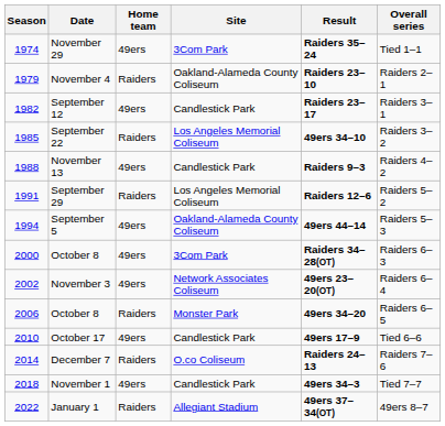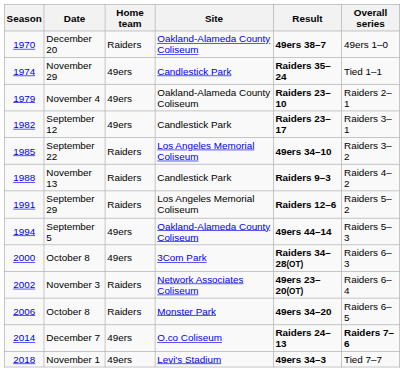 <table class="wikitable" style="font-size: 95%;">
 <tr>
 <th>Season</th>
 <th>Date</th>
 <th>Home team</th>
 <th>Site</th>
 <th>Result</th>
 <th>Overall series</th>
 </tr>
 <tr>
+<td align="center"><a href='#'>1970</a></td>
+<td>December 20</td>
+<td>Raiders</td>
+<td><a href='#'>Oakland-Alameda County Coliseum</a></td>
+<td><strong>49ers 38–7</strong></td>
+<td>49ers 1–0</td>
+</tr>
+<tr>
 <td align="center"><a href='#'>1974</a></td>
 <td>November 29</td>
 <td>49ers</td>
-<td><a href='#'>3Com Park</a></td>
+<td><a href='#'>Candlestick Park</a></td>
 <td><strong>Raiders 35–24</strong></td>
 <td>Tied 1–1</td>
 </tr>
 <tr>
 <td align="center"><a href='#'>1979</a></td>
 <td>November 4</td>
-<td>Raiders</td>
+<td>49ers</td>
 <td>Oakland-Alameda County Coliseum</td>
 <td><strong>Raiders 23–10</strong></td>
 <td>Raiders 2–1</td>
 </tr>
 <tr>
 <td align="center"><a href='#'>1982</a></td>
 <td>September 12</td>
 <td>49ers</td>
 <td>Candlestick Park</td>
 <td><strong>Raiders 23–17</strong></td>
 <td>Raiders 3–1</td>
 </tr>
 <tr>
 <td align="center"><a href='#'>1985</a></td>
 <td>September 22</td>
 <td>Raiders</td>
 <td><a href='#'>Los Angeles Memorial Coliseum</a></td>
 <td><strong>49ers 34–10</strong></td>
 <td>Raiders 3–2</td>
 </tr>
 <tr>
 <td align="center"><a href='#'>1988</a></td>
 <td>November 13</td>
-<td>49ers</td>
+<td>Raiders</td>
 <td>Candlestick Park</td>
 <td><strong>Raiders 9–3</strong></td>
 <td>Raiders 4–2</td>
 </tr>
 <tr>
 <td align="center"><a href='#'>1991</a></td>
 <td>September 29</td>
 <td>Raiders</td>
 <td>Los Angeles Memorial Coliseum</td>
 <td><strong>Raiders 12–6</strong></td>
 <td>Raiders 5–2</td>
 </tr>
 <tr>
 <td align="center"><a href='#'>1994</a></td>
 <td>September 5</td>
 <td>49ers</td>
 <td><a href='#'>Oakland-Alameda County Coliseum</a></td>
 <td><strong>49ers 44–14</strong></td>
 <td>Raiders 5–3</td>
 </tr>
 <tr>
 <td align="center"><a href='#'>2000</a></td>
 <td>October 8</td>
 <td>49ers</td>
 <td><a href='#'>3Com Park</a></td>
 <td><strong>Raiders 34–28<small>(OT)</small></strong></td>
 <td>Raiders 6–3</td>
 </tr>
 <tr>
 <td align="center"><a href='#'>2002</a></td>
 <td>November 3</td>
-<td>49ers</td>
+<td>Raiders</td>
 <td><a href='#'>Network Associates Coliseum</a></td>
 <td><strong>49ers 23–20<small>(OT)</small></strong></td>
 <td>Raiders 6–4</td>
 </tr>
 <tr>
 <td align="center"><a href='#'>2006</a></td>
 <td>October 8</td>
 <td>Raiders</td>
 <td><a href='#'>Monster Park</a></td>
 <td><strong>49ers 34–20</strong></td>
 <td>Raiders 6–5</td>
 </tr>
 <tr>
-<td align="center"><a href='#'>2010</a></td>
-<td>October 17</td>
-<td>49ers</td>
-<td>Candlestick Park</td>
-<td><strong>49ers 17–9</strong></td>
-<td>Tied 6–6</td>
-</tr>
-<tr>
 <td align="center"><a href='#'>2014</a></td>
 <td>December 7</td>
-<td>Raiders</td>
+<td>49ers</td>
 <td><a href='#'>O.co Coliseum</a></td>
 <td><strong>Raiders 24–13</strong></td>
-<td>Raiders 7–6</td>
+<td><strong>Raiders 7–6</strong></td>
 </tr>
 <tr>
 <td align="center"><a href='#'>2018</a></td>
 <td>November 1</td>
 <td>49ers</td>
-<td>Candlestick Park</td>
+<td><a href='#'>Levi's Stadium</a></td>
 <td><strong>49ers 34–3</strong></td>
 <td>Tied 7–7</td>
 </tr>
-<tr>
-<td align="center"><a href='#'>2022</a></td>
-<td>January 1</td>
-<td>Raiders</td>
-<td><a href='#'>Allegiant Stadium</a></td>
-<td><strong>49ers 37–34<small>(OT)</small></strong></td>
-<td>49ers 8–7</td>
-</tr>
 </table>
